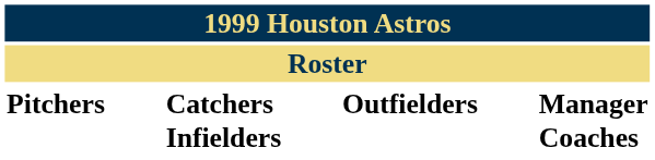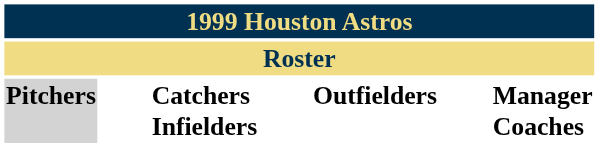 <table class="toccolours" style="font-size: 95%;">
 <tr>
 <th colspan="10" style="text-align:center; background:#003153;color:#F0DC82;;">1999 Houston Astros</th>
 </tr>
 <tr>
 <td colspan="10" style="text-align:center; background:#F0DC82;color:#003153;"><strong>Roster</strong></td>
 </tr>
 <tr>
-<td valign="top"><strong>Pitchers</strong><br>              </td>
+<td valign="top" style="background: lightgrey;"><strong>Pitchers</strong><br>              </td>
 <td width="25px"></td>
 <td valign="top"><strong>Catchers</strong><br>    <strong>Infielders</strong>         </td>
 <td width="25px"></td>
 <td valign="top"><strong>Outfielders</strong><br>         </td>
 <td width="25px"></td>
 <td valign="top"><strong>Manager</strong><br> <strong>Coaches</strong>      </td>
 </tr>
 </table>
